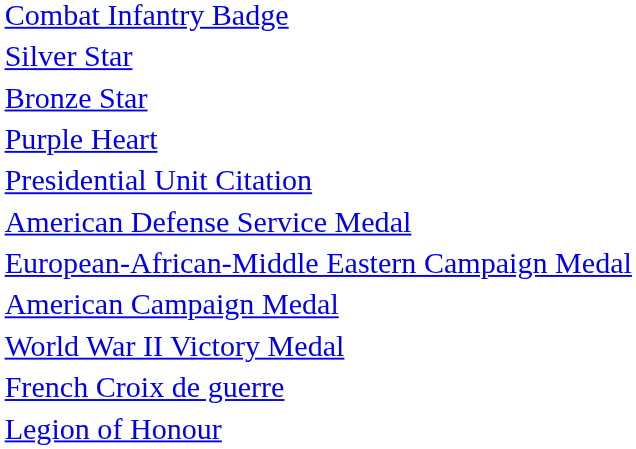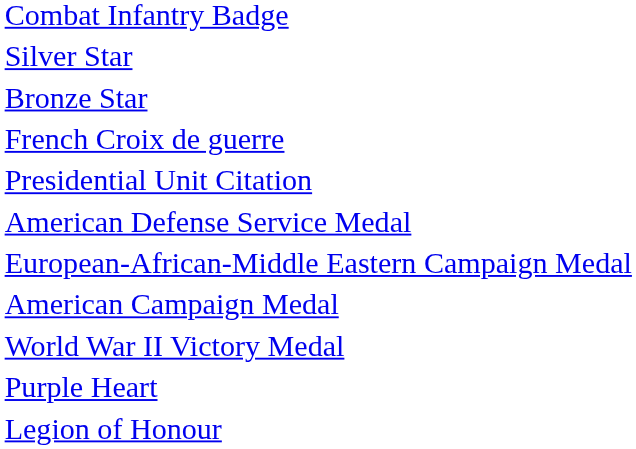 <table>
 <tr>
 <td> <a href='#'>Combat Infantry Badge</a></td>
 </tr>
 <tr>
 <td> <a href='#'>Silver Star</a></td>
 </tr>
 <tr>
 <td> <a href='#'>Bronze Star</a></td>
 </tr>
 <tr>
-<td> <a href='#'>Purple Heart</a></td>
+<td> <a href='#'>French Croix de guerre</a></td>
 </tr>
 <tr>
 <td> <a href='#'>Presidential Unit Citation</a></td>
 </tr>
 <tr>
 <td> <a href='#'>American Defense Service Medal</a></td>
 </tr>
 <tr>
 <td> <a href='#'>European-African-Middle Eastern Campaign Medal</a></td>
 </tr>
 <tr>
 <td> <a href='#'>American Campaign Medal</a></td>
 </tr>
 <tr>
 <td> <a href='#'>World War II Victory Medal</a></td>
 </tr>
 <tr>
-<td> <a href='#'>French Croix de guerre</a></td>
+<td> <a href='#'>Purple Heart</a></td>
 </tr>
 <tr>
 <td> <a href='#'>Legion of Honour</a></td>
 </tr>
 </table>
